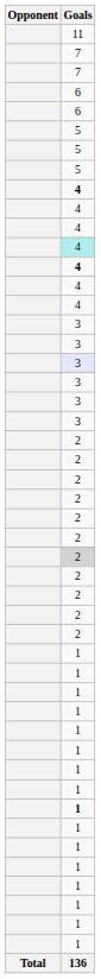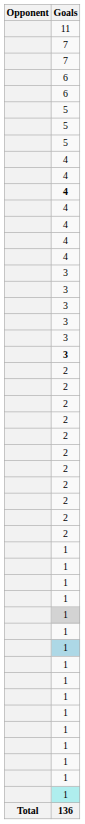 <table class="wikitable plainrowheaders sortable" style="text-align:center; font-size:95%">
 <tr>
 <th scope="col">Opponent</th>
 <th scope="col">Goals</th>
 </tr>
 <tr>
 <th scope="row"></th>
 <td>11</td>
 </tr>
 <tr>
 <th scope="row"></th>
 <td>7</td>
 </tr>
 <tr>
 <th scope="row"></th>
 <td>7</td>
 </tr>
 <tr>
 <th scope="row"></th>
 <td>6</td>
 </tr>
 <tr>
 <th scope="row"></th>
 <td>6</td>
 </tr>
 <tr>
 <th scope="row"></th>
 <td>5</td>
 </tr>
 <tr>
 <th scope="row"></th>
 <td>5</td>
 </tr>
 <tr>
 <th scope="row"></th>
 <td>5</td>
 </tr>
 <tr>
 <th scope="row"></th>
+<td>4</td>
+</tr>
+<tr>
+<th scope="row"></th>
+<td>4</td>
+</tr>
+<tr>
+<th scope="row"></th>
 <td><strong>4</strong></td>
 </tr>
 <tr>
 <th scope="row"></th>
 <td>4</td>
 </tr>
 <tr>
 <th scope="row"></th>
 <td>4</td>
-</tr>
-<tr>
-<th scope="row"></th>
-<td style="background: paleturquoise;">4</td>
-</tr>
-<tr>
-<th scope="row"></th>
-<td><strong>4</strong></td>
 </tr>
 <tr>
 <th scope="row"></th>
 <td>4</td>
 </tr>
 <tr>
 <th scope="row"></th>
 <td>4</td>
 </tr>
 <tr>
 <th scope="row"></th>
 <td>3</td>
 </tr>
 <tr>
 <th scope="row"></th>
 <td>3</td>
 </tr>
 <tr>
 <th scope="row"></th>
-<td style="background: lavender;">3</td>
+<td>3</td>
 </tr>
 <tr>
 <th scope="row"></th>
 <td>3</td>
 </tr>
 <tr>
 <th scope="row"></th>
 <td>3</td>
 </tr>
 <tr>
 <th scope="row"></th>
-<td>3</td>
+<td><strong>3</strong></td>
 </tr>
 <tr>
 <th scope="row"></th>
 <td>2</td>
 </tr>
 <tr>
 <th scope="row"></th>
 <td>2</td>
 </tr>
 <tr>
 <th scope="row"></th>
 <td>2</td>
 </tr>
 <tr>
 <th scope="row"></th>
 <td>2</td>
 </tr>
 <tr>
 <th scope="row"></th>
 <td>2</td>
 </tr>
 <tr>
 <th scope="row"></th>
 <td>2</td>
 </tr>
 <tr>
 <th scope="row"></th>
-<td style="background: lightgrey;">2</td>
+<td>2</td>
 </tr>
 <tr>
 <th scope="row"></th>
 <td>2</td>
 </tr>
 <tr>
 <th scope="row"></th>
 <td>2</td>
 </tr>
 <tr>
 <th scope="row"></th>
 <td>2</td>
 </tr>
 <tr>
 <th scope="row"></th>
 <td>2</td>
 </tr>
 <tr>
 <th scope="row"></th>
 <td>1</td>
 </tr>
 <tr>
 <th scope="row"></th>
 <td>1</td>
 </tr>
 <tr>
 <th scope="row"></th>
 <td>1</td>
 </tr>
 <tr>
 <th scope="row"></th>
 <td>1</td>
 </tr>
 <tr>
 <th scope="row"></th>
-<td>1</td>
+<td style="background: lightgrey;">1</td>
 </tr>
 <tr>
 <th scope="row"></th>
 <td>1</td>
 </tr>
 <tr>
 <th scope="row"></th>
-<td>1</td>
-</tr>
-<tr>
-<th scope="row"></th>
-<td>1</td>
-</tr>
-<tr>
-<th scope="row"></th>
-<td><strong>1</strong></td>
+<td style="background: lightblue;">1</td>
 </tr>
 <tr>
 <th scope="row"></th>
 <td>1</td>
 </tr>
 <tr>
 <th scope="row"></th>
 <td>1</td>
 </tr>
 <tr>
 <th scope="row"></th>
 <td>1</td>
 </tr>
 <tr>
 <th scope="row"></th>
 <td>1</td>
 </tr>
 <tr>
 <th scope="row"></th>
 <td>1</td>
 </tr>
 <tr>
 <th scope="row"></th>
 <td>1</td>
 </tr>
 <tr>
 <th scope="row"></th>
 <td>1</td>
 </tr>
 <tr>
+<th scope="row"></th>
+<td>1</td>
+</tr>
+<tr>
+<th scope="row"></th>
+<td style="background: paleturquoise;">1</td>
+</tr>
+<tr>
 <th>Total</th>
 <th>136</th>
 </tr>
 </table>
